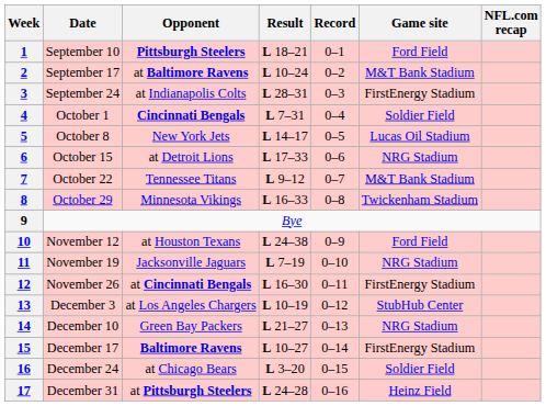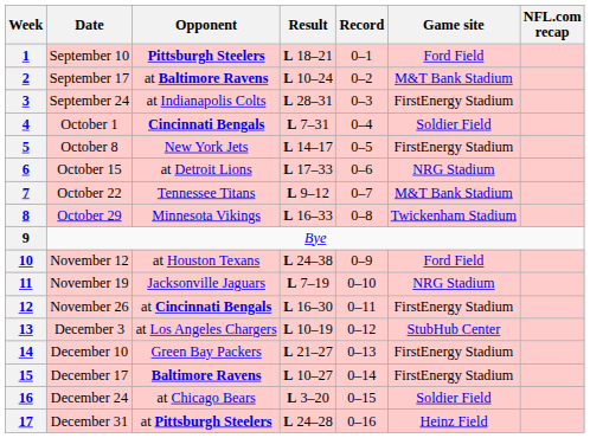 <table class="wikitable" style="text-align:center">
 <tr>
 <th>Week</th>
 <th>Date</th>
 <th>Opponent</th>
 <th>Result</th>
 <th>Record</th>
 <th>Game site</th>
 <th>NFL.com<br>recap</th>
 </tr>
 <tr style="background:#fcc">
 <th><a href='#'>1</a></th>
 <td>September 10</td>
 <td><strong><a href='#'>Pittsburgh Steelers</a></strong></td>
 <td><strong>L</strong> 18–21</td>
 <td>0–1</td>
 <td><a href='#'>Ford Field</a></td>
 <td></td>
 </tr>
 <tr style="background:#fcc">
 <th><a href='#'>2</a></th>
 <td>September 17</td>
 <td>at <strong><a href='#'>Baltimore Ravens</a></strong></td>
 <td><strong>L</strong> 10–24</td>
 <td>0–2</td>
 <td><a href='#'>M&T Bank Stadium</a></td>
 <td></td>
 </tr>
 <tr style="background:#fcc">
 <th><a href='#'>3</a></th>
 <td>September 24</td>
 <td>at <a href='#'>Indianapolis Colts</a></td>
 <td><strong>L</strong> 28–31</td>
 <td>0–3</td>
 <td>FirstEnergy Stadium</td>
 <td></td>
 </tr>
 <tr style="background:#fcc">
 <th><a href='#'>4</a></th>
 <td>October 1</td>
 <td><strong><a href='#'>Cincinnati Bengals</a></strong></td>
 <td><strong>L</strong> 7–31</td>
 <td>0–4</td>
 <td><a href='#'>Soldier Field</a></td>
 <td></td>
 </tr>
 <tr style="background:#fcc">
 <th><a href='#'>5</a></th>
 <td>October 8</td>
 <td><a href='#'>New York Jets</a></td>
 <td><strong>L</strong> 14–17</td>
 <td>0–5</td>
-<td><a href='#'>Lucas Oil Stadium</a></td>
+<td>FirstEnergy Stadium</td>
 <td></td>
 </tr>
 <tr style="background:#fcc">
 <th><a href='#'>6</a></th>
 <td>October 15</td>
 <td>at <a href='#'>Detroit Lions</a></td>
 <td><strong>L</strong> 17–33</td>
 <td>0–6</td>
 <td><a href='#'>NRG Stadium</a></td>
 <td></td>
 </tr>
 <tr style="background:#fcc">
 <th><a href='#'>7</a></th>
 <td>October 22</td>
 <td><a href='#'>Tennessee Titans</a></td>
 <td><strong>L</strong> 9–12 </td>
 <td>0–7</td>
 <td><a href='#'>M&T Bank Stadium</a></td>
 <td></td>
 </tr>
 <tr style="background:#fcc">
 <th><a href='#'>8</a></th>
 <td><a href='#'>October 29</a></td>
 <td><a href='#'>Minnesota Vikings</a></td>
 <td><strong>L</strong> 16–33</td>
 <td>0–8</td>
 <td> <a href='#'>Twickenham Stadium</a> </td>
 <td></td>
 </tr>
 <tr>
 <th>9</th>
 <td colspan=6><em><a href='#'>Bye</a></em></td>
 </tr>
 <tr style="background:#fcc">
 <th><a href='#'>10</a></th>
 <td>November 12</td>
 <td>at <a href='#'>Houston Texans</a></td>
 <td><strong>L</strong> 24–38</td>
 <td>0–9</td>
 <td><a href='#'>Ford Field</a></td>
 <td></td>
 </tr>
 <tr style="background:#fcc">
 <th><a href='#'>11</a></th>
 <td>November 19</td>
 <td><a href='#'>Jacksonville Jaguars</a></td>
 <td><strong>L</strong> 7–19</td>
 <td>0–10</td>
 <td><a href='#'>NRG Stadium</a></td>
 <td></td>
 </tr>
 <tr style="background:#fcc">
 <th><a href='#'>12</a></th>
 <td>November 26</td>
 <td>at <strong><a href='#'>Cincinnati Bengals</a></strong></td>
 <td><strong>L</strong> 16–30</td>
 <td>0–11</td>
 <td>FirstEnergy Stadium</td>
 <td></td>
 </tr>
 <tr style="background:#fcc">
 <th><a href='#'>13</a></th>
 <td>December 3</td>
 <td>at <a href='#'>Los Angeles Chargers</a></td>
 <td><strong>L</strong> 10–19</td>
 <td>0–12</td>
 <td><a href='#'>StubHub Center</a></td>
 <td></td>
 </tr>
 <tr style="background:#fcc">
 <th><a href='#'>14</a></th>
 <td>December 10</td>
 <td><a href='#'>Green Bay Packers</a></td>
 <td><strong>L</strong> 21–27 </td>
 <td>0–13</td>
-<td><a href='#'>NRG Stadium</a></td>
+<td>FirstEnergy Stadium</td>
 <td></td>
 </tr>
 <tr style="background:#fcc">
 <th><a href='#'>15</a></th>
 <td>December 17</td>
 <td><strong><a href='#'>Baltimore Ravens</a></strong></td>
 <td><strong>L</strong> 10–27</td>
 <td>0–14</td>
 <td>FirstEnergy Stadium</td>
 <td></td>
 </tr>
 <tr style="background:#fcc">
 <th><a href='#'>16</a></th>
 <td>December 24</td>
 <td>at <a href='#'>Chicago Bears</a></td>
 <td><strong>L</strong> 3–20</td>
 <td>0–15</td>
 <td><a href='#'>Soldier Field</a></td>
 <td></td>
 </tr>
 <tr style="background:#fcc">
 <th><a href='#'>17</a></th>
 <td>December 31</td>
 <td>at <strong><a href='#'>Pittsburgh Steelers</a></strong></td>
 <td><strong>L</strong> 24–28</td>
 <td>0–16</td>
 <td><a href='#'>Heinz Field</a></td>
 <td></td>
 </tr>
 </table>
